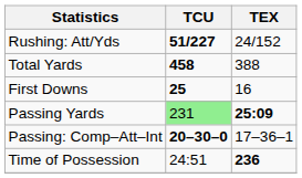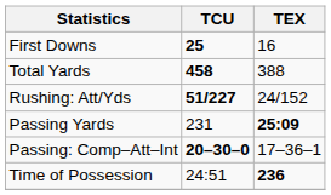 <table class="wikitable" style="float: left;">
 <tr>
 <th>Statistics</th>
 <th>TCU</th>
 <th>TEX</th>
 </tr>
 <tr>
-<td>Rushing: Att/Yds</td>
-<td><strong>51/227</strong></td>
-<td>24/152</td>
+<td>First Downs</td>
+<td><strong>25</strong></td>
+<td>16</td>
 </tr>
 <tr>
 <td>Total Yards</td>
 <td><strong>458</strong></td>
 <td>388</td>
 </tr>
 <tr>
-<td>First Downs</td>
-<td><strong>25</strong></td>
-<td>16</td>
+<td>Rushing: Att/Yds</td>
+<td><strong>51/227</strong></td>
+<td>24/152</td>
 </tr>
 <tr>
 <td>Passing Yards</td>
-<td style="background: lightgreen;">231</td>
+<td>231</td>
 <td><strong>25:09</strong></td>
 </tr>
 <tr>
 <td>Passing: Comp–Att–Int</td>
 <td><strong>20–30–0</strong></td>
 <td>17–36–1</td>
 </tr>
 <tr>
 <td>Time of Possession</td>
 <td>24:51</td>
 <td><strong>236</strong></td>
 </tr>
 <tr>
 </tr>
 </table>
